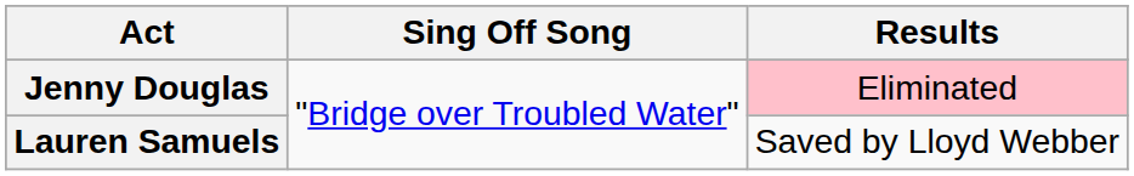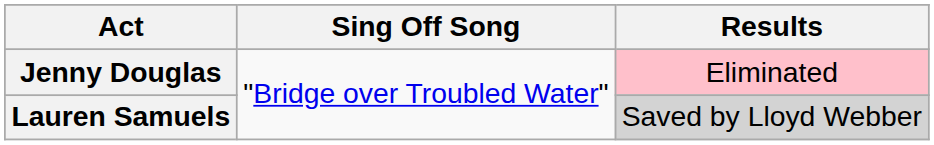 <table class="wikitable plainrowheaders" style="text-align:center;">
 <tr>
 <th scope="col">Act</th>
 <th scope="col">Sing Off Song</th>
 <th scope="col">Results</th>
 </tr>
 <tr>
 <th scope="row">Jenny Douglas</th>
 <td rowspan="2">"<a href='#'>Bridge over Troubled Water</a>"</td>
 <td style="background:pink;">Eliminated</td>
 </tr>
 <tr>
 <th scope="row">Lauren Samuels</th>
-<td>Saved by Lloyd Webber</td>
+<td style="background: lightgrey;">Saved by Lloyd Webber</td>
 </tr>
 </table>
